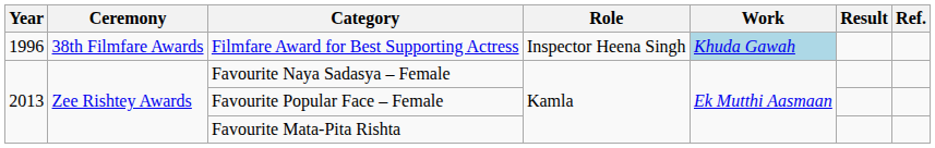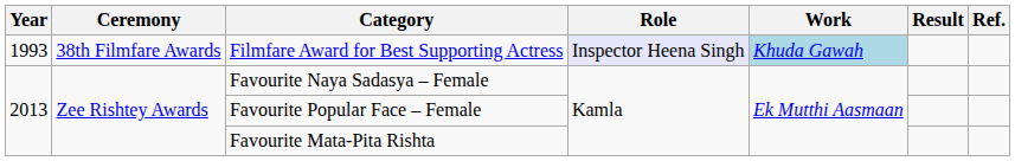 <table class="wikitable sortable">
 <tr>
 <th scope="col">Year</th>
 <th scope="col">Ceremony</th>
 <th scope="col">Category</th>
 <th scope="col">Role</th>
 <th scope="col">Work</th>
 <th scope="col">Result</th>
 <th scope="col">Ref.</th>
 </tr>
 <tr>
-<td>1996</td>
+<td>1993</td>
 <td><a href='#'>38th Filmfare Awards</a></td>
 <td><a href='#'>Filmfare Award for Best Supporting Actress</a></td>
-<td>Inspector Heena Singh</td>
+<td style="background: lavender;">Inspector Heena Singh</td>
 <td style="background: lightblue;"><em><a href='#'>Khuda Gawah</a></em></td>
 <td></td>
 <td></td>
 </tr>
 <tr>
 <td rowspan="3">2013</td>
 <td rowspan="3"><a href='#'>Zee Rishtey Awards</a></td>
 <td>Favourite Naya Sadasya – Female</td>
 <td rowspan="3">Kamla</td>
 <td rowspan="3"><em><a href='#'>Ek Mutthi Aasmaan</a></em></td>
 <td></td>
 <td></td>
 </tr>
 <tr>
 <td>Favourite Popular Face – Female</td>
 <td></td>
 <td></td>
 </tr>
 <tr>
 <td>Favourite Mata-Pita Rishta</td>
 <td></td>
 <td></td>
 </tr>
 </table>
